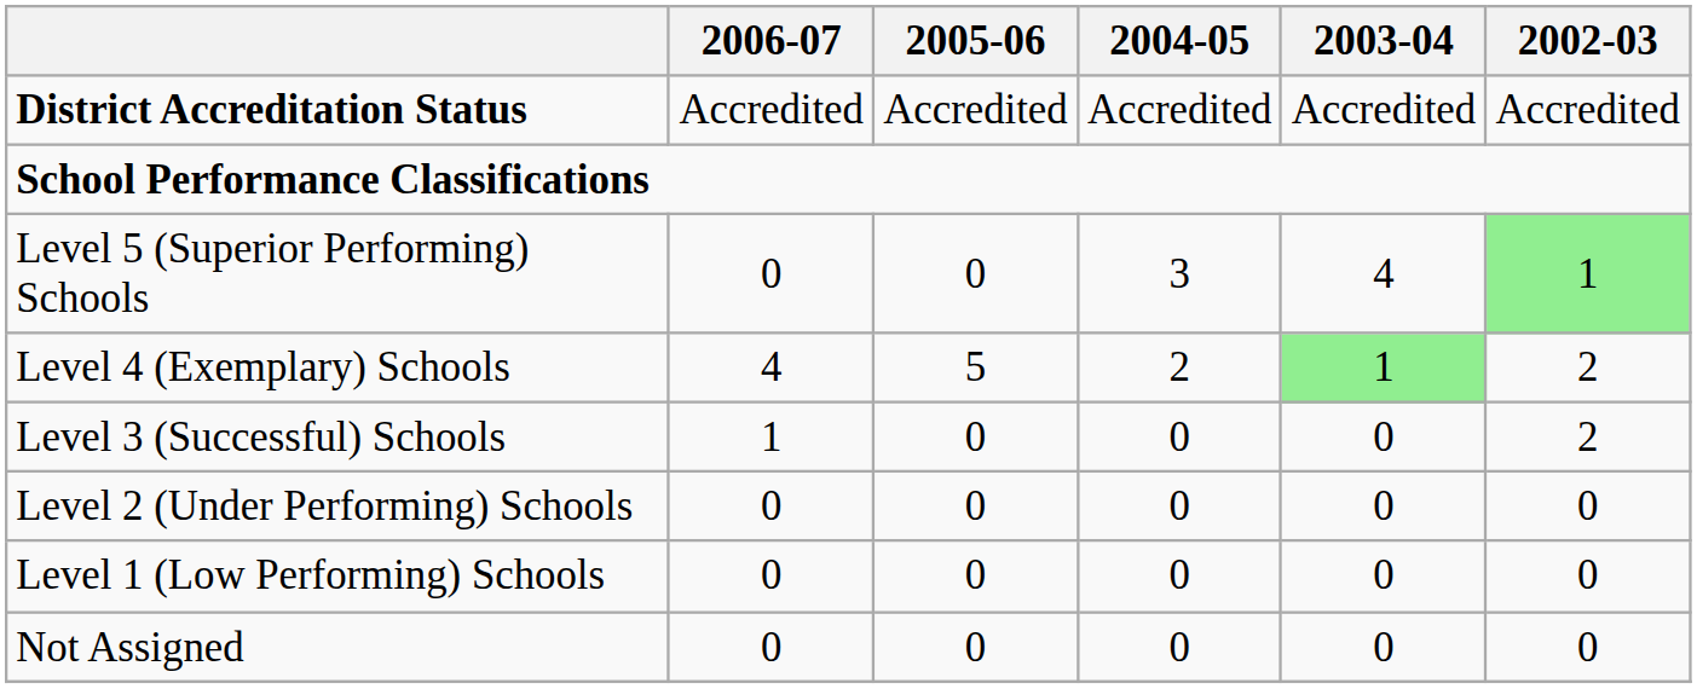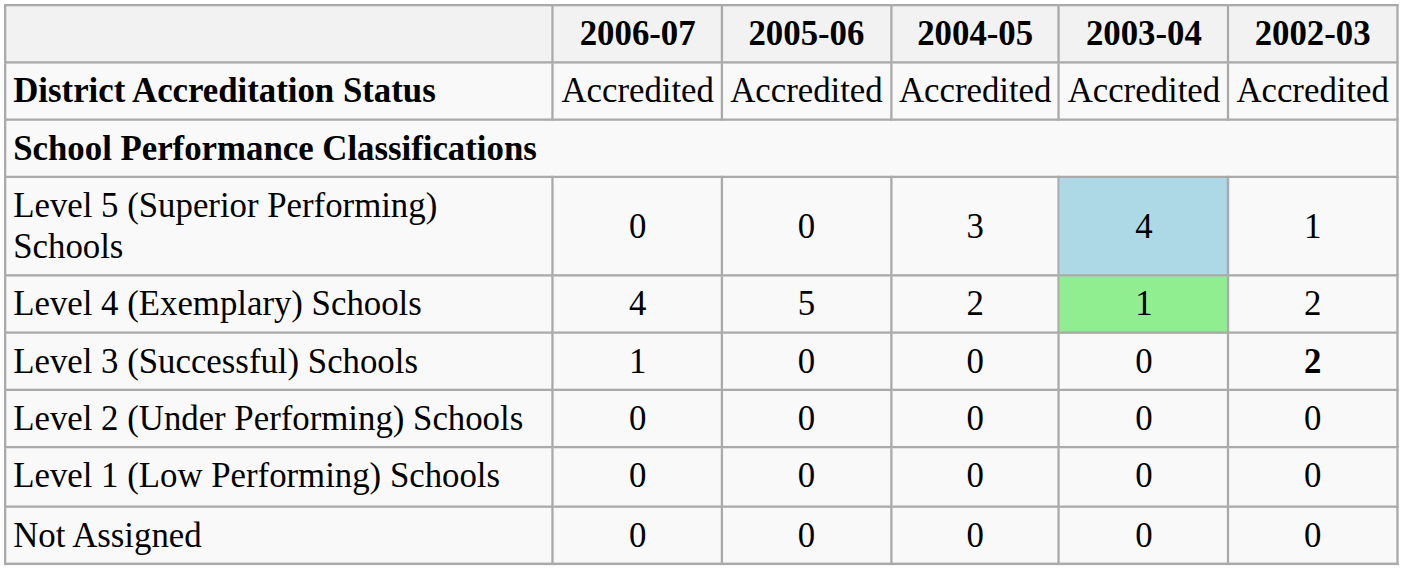 <table class="wikitable" style="font-size: 95%;">
 <tr>
 <th></th>
 <th>2006-07</th>
 <th>2005-06</th>
 <th>2004-05</th>
 <th>2003-04</th>
 <th>2002-03</th>
 </tr>
 <tr>
 <td align="left"><strong>District Accreditation Status</strong></td>
 <td align="center">Accredited</td>
 <td align="center">Accredited</td>
 <td align="center">Accredited</td>
 <td align="center">Accredited</td>
 <td align="center">Accredited</td>
 </tr>
 <tr>
 <td align="left" colspan="6"><strong>School Performance Classifications</strong></td>
 </tr>
 <tr>
 <td align="left">Level 5 (Superior Performing) Schools</td>
 <td align="center">0</td>
 <td align="center">0</td>
 <td align="center">3</td>
-<td align="center">4</td>
-<td align="center" style="background: lightgreen;">1</td>
+<td align="center" style="background: lightblue;">4</td>
+<td align="center">1</td>
 </tr>
 <tr>
 <td align="left">Level 4 (Exemplary) Schools</td>
 <td align="center">4</td>
 <td align="center">5</td>
 <td align="center">2</td>
 <td align="center" style="background: lightgreen;">1</td>
 <td align="center">2</td>
 </tr>
 <tr>
 <td align="left">Level 3 (Successful) Schools</td>
 <td align="center">1</td>
 <td align="center">0</td>
 <td align="center">0</td>
 <td align="center">0</td>
-<td align="center">2</td>
+<td align="center"><strong>2</strong></td>
 </tr>
 <tr>
 <td align="left">Level 2 (Under Performing) Schools</td>
 <td align="center">0</td>
 <td align="center">0</td>
 <td align="center">0</td>
 <td align="center">0</td>
 <td align="center">0</td>
 </tr>
 <tr>
 <td align="left">Level 1 (Low Performing) Schools</td>
 <td align="center">0</td>
 <td align="center">0</td>
 <td align="center">0</td>
 <td align="center">0</td>
 <td align="center">0</td>
 </tr>
 <tr>
 <td align="left">Not Assigned</td>
 <td align="center">0</td>
 <td align="center">0</td>
 <td align="center">0</td>
 <td align="center">0</td>
 <td align="center">0</td>
 </tr>
 <tr>
 </tr>
 </table>
